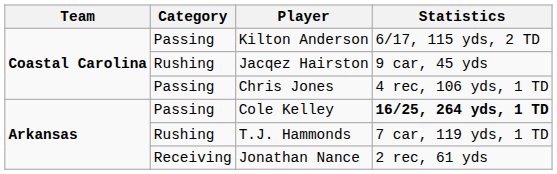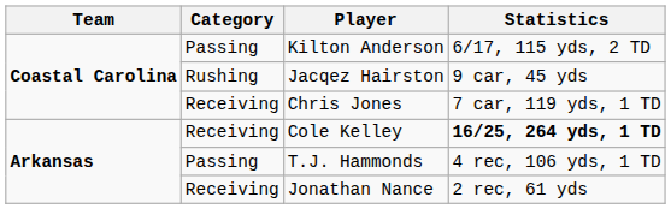 <table class="wikitable" style="float: right;">
 <tr>
 <th>Team</th>
 <th>Category</th>
 <th>Player</th>
 <th>Statistics</th>
 </tr>
 <tr>
 <td rowspan=3><strong>Coastal Carolina</strong></td>
 <td>Passing</td>
 <td>Kilton Anderson</td>
 <td>6/17, 115 yds, 2 TD</td>
 </tr>
 <tr>
 <td>Rushing</td>
 <td>Jacqez Hairston</td>
 <td>9 car, 45 yds</td>
 </tr>
 <tr>
-<td>Passing</td>
+<td>Receiving</td>
 <td>Chris Jones</td>
-<td>4 rec, 106 yds, 1 TD</td>
+<td>7 car, 119 yds, 1 TD</td>
 </tr>
 <tr>
 <td rowspan=3><strong>Arkansas</strong></td>
-<td>Passing</td>
+<td>Receiving</td>
 <td>Cole Kelley</td>
 <td><strong>16/25, 264 yds, 1 TD</strong></td>
 </tr>
 <tr>
-<td>Rushing</td>
+<td>Passing</td>
 <td>T.J. Hammonds</td>
-<td>7 car, 119 yds, 1 TD</td>
+<td>4 rec, 106 yds, 1 TD</td>
 </tr>
 <tr>
 <td>Receiving</td>
 <td>Jonathan Nance</td>
 <td>2 rec, 61 yds</td>
 </tr>
 </table>
